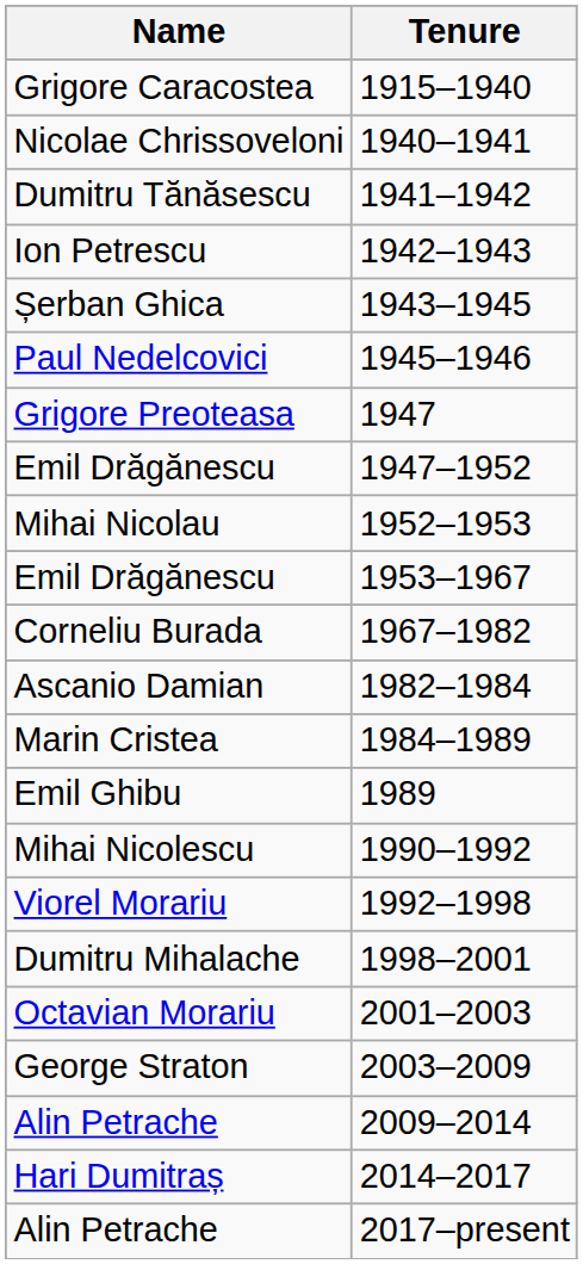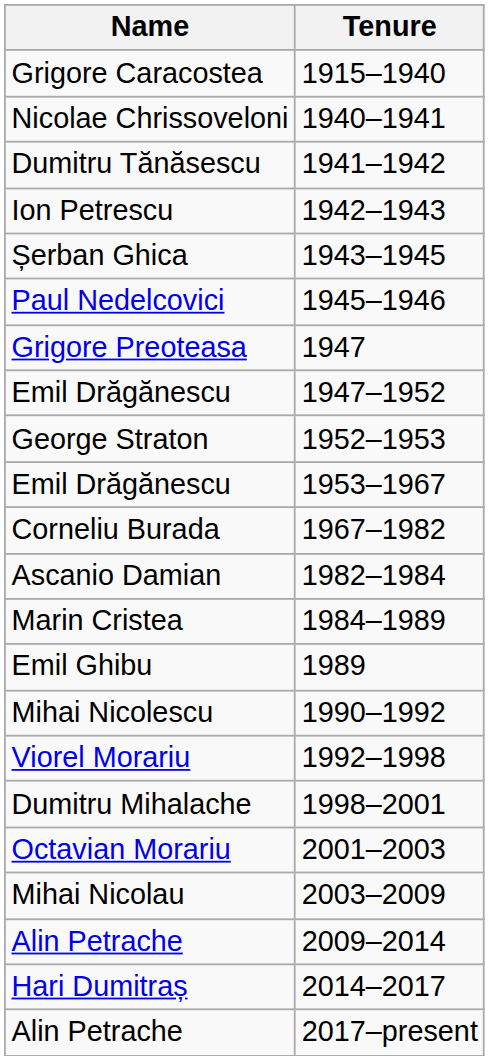 <table class="wikitable">
 <tr>
 <th>Name</th>
 <th>Tenure</th>
 </tr>
 <tr>
 <td>Grigore Caracostea</td>
 <td>1915–1940</td>
 </tr>
 <tr>
 <td>Nicolae Chrissoveloni</td>
 <td>1940–1941</td>
 </tr>
 <tr>
 <td>Dumitru Tănăsescu</td>
 <td>1941–1942</td>
 </tr>
 <tr>
 <td>Ion Petrescu</td>
 <td>1942–1943</td>
 </tr>
 <tr>
 <td>Șerban Ghica</td>
 <td>1943–1945</td>
 </tr>
 <tr>
 <td><a href='#'>Paul Nedelcovici</a></td>
 <td>1945–1946</td>
 </tr>
 <tr>
 <td><a href='#'>Grigore Preoteasa</a></td>
 <td>1947</td>
 </tr>
 <tr>
 <td>Emil Drăgănescu</td>
 <td>1947–1952</td>
 </tr>
 <tr>
-<td>Mihai Nicolau</td>
+<td>George Straton</td>
 <td>1952–1953</td>
 </tr>
 <tr>
 <td>Emil Drăgănescu</td>
 <td>1953–1967</td>
 </tr>
 <tr>
 <td>Corneliu Burada</td>
 <td>1967–1982</td>
 </tr>
 <tr>
 <td>Ascanio Damian</td>
 <td>1982–1984</td>
 </tr>
 <tr>
 <td>Marin Cristea</td>
 <td>1984–1989</td>
 </tr>
 <tr>
 <td>Emil Ghibu</td>
 <td>1989</td>
 </tr>
 <tr>
 <td>Mihai Nicolescu</td>
 <td>1990–1992</td>
 </tr>
 <tr>
 <td><a href='#'>Viorel Morariu</a></td>
 <td>1992–1998</td>
 </tr>
 <tr>
 <td>Dumitru Mihalache</td>
 <td>1998–2001</td>
 </tr>
 <tr>
 <td><a href='#'>Octavian Morariu</a></td>
 <td>2001–2003</td>
 </tr>
 <tr>
-<td>George Straton</td>
+<td>Mihai Nicolau</td>
 <td>2003–2009</td>
 </tr>
 <tr>
 <td><a href='#'>Alin Petrache</a></td>
 <td>2009–2014</td>
 </tr>
 <tr>
 <td><a href='#'>Hari Dumitraș</a></td>
 <td>2014–2017</td>
 </tr>
 <tr>
 <td>Alin Petrache</td>
 <td>2017–present</td>
 </tr>
 <tr>
 </tr>
 </table>
